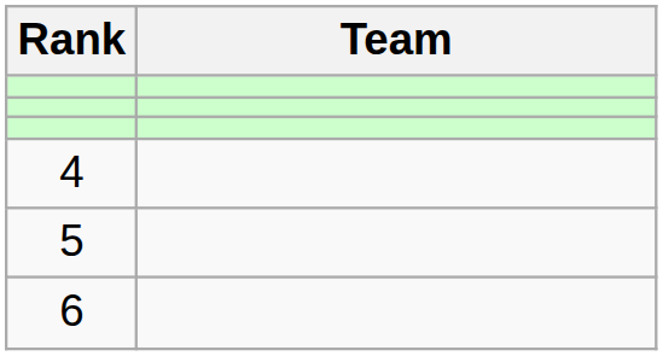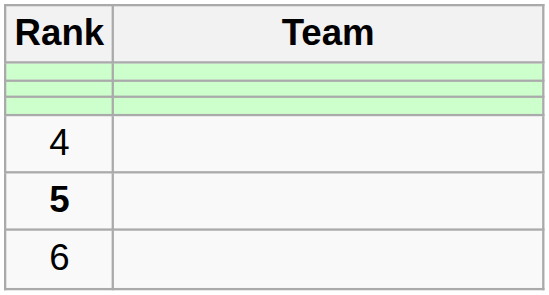 <table class="wikitable" style="text-align: center;">
 <tr>
 <th width=40>Rank</th>
 <th width=180>Team</th>
 </tr>
 <tr bgcolor="#ccffcc">
 <td></td>
 <td align="left"></td>
 </tr>
 <tr bgcolor="#ccffcc">
 <td></td>
 <td align="left"></td>
 </tr>
 <tr bgcolor="#ccffcc">
 <td></td>
 <td align="left"></td>
 </tr>
 <tr>
 <td>4</td>
 <td align="left"></td>
 </tr>
 <tr>
-<td>5</td>
+<td><strong>5</strong></td>
 <td align="left"></td>
 </tr>
 <tr>
 <td>6</td>
 <td align="left"></td>
 </tr>
 </table>
